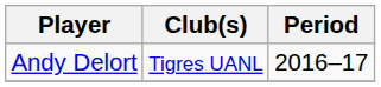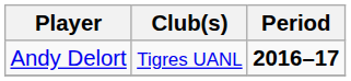 <table class="wikitable collapsible collapsed" style="text-align:center;font-size:95%">
 <tr>
 <th scope="col">Player</th>
 <th scope="col" class="unsortable">Club(s)</th>
 <th scope="col">Period</th>
 </tr>
 <tr>
 <td align="left"><a href='#'>Andy Delort</a></td>
 <td><small><a href='#'>Tigres UANL</a></small></td>
-<td>2016–17</td>
+<td><strong>2016–17</strong></td>
 </tr>
 <tr>
 </tr>
 </table>
